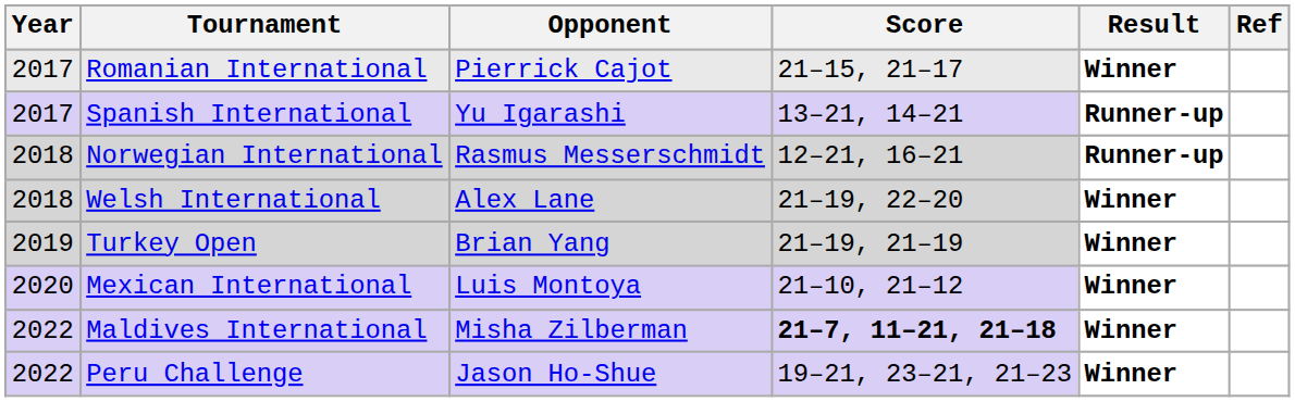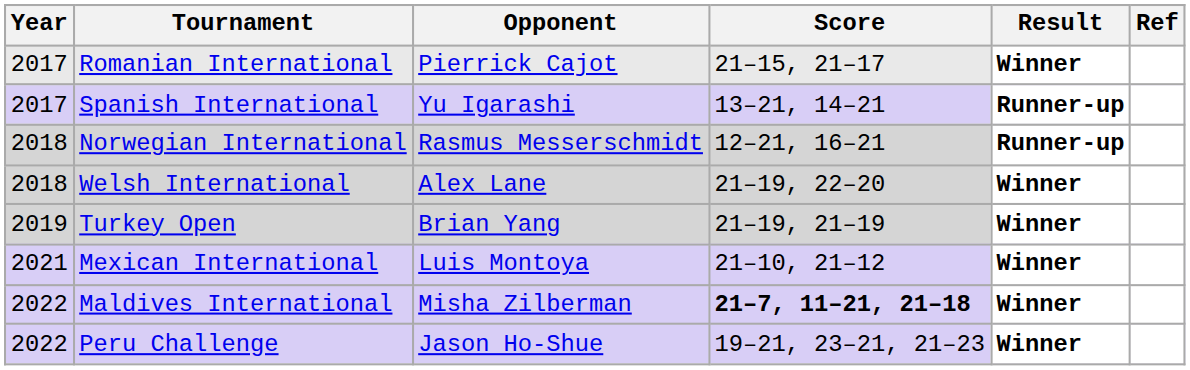 <table class="sortable wikitable" style="font-size: 90%;">
 <tr>
 <th>Year</th>
 <th>Tournament</th>
 <th>Opponent</th>
 <th>Score</th>
 <th>Result</th>
 <th>Ref</th>
 </tr>
 <tr style="background:#E9E9E9">
 <td align="center">2017</td>
 <td align="left"><a href='#'>Romanian International</a></td>
 <td align="left"> <a href='#'>Pierrick Cajot</a></td>
 <td align="left">21–15, 21–17</td>
 <td style="text-align:left; background:white"> <strong>Winner</strong></td>
 <td style="text-align:center; background:white"></td>
 </tr>
 <tr style="background:#D8CEF6">
 <td align="center">2017</td>
 <td align="left"><a href='#'>Spanish International</a></td>
 <td align="left"> <a href='#'>Yu Igarashi</a></td>
 <td align="left">13–21, 14–21</td>
 <td style="text-align:left; background:white"> <strong>Runner-up</strong></td>
 <td style="text-align:center; background:white"></td>
 </tr>
 <tr style="background:#D5D5D5">
 <td align="center">2018</td>
 <td align="left"><a href='#'>Norwegian International</a></td>
 <td align="left"> <a href='#'>Rasmus Messerschmidt</a></td>
 <td align="left">12–21, 16–21</td>
 <td style="text-align:left; background:white"> <strong>Runner-up</strong></td>
 <td style="text-align:center; background:white"></td>
 </tr>
 <tr style="background:#D5D5D5">
 <td align="center">2018</td>
 <td align="left"><a href='#'>Welsh International</a></td>
 <td align="left"> <a href='#'>Alex Lane</a></td>
 <td align="left">21–19, 22–20</td>
 <td style="text-align:left; background:white"> <strong>Winner</strong></td>
 <td style="text-align:center; background:white"></td>
 </tr>
 <tr style="background:#D5D5D5">
 <td align="center">2019</td>
 <td align="left"><a href='#'>Turkey Open</a></td>
 <td align="left"> <a href='#'>Brian Yang</a></td>
 <td align="left">21–19, 21–19</td>
 <td style="text-align:left; background:white"> <strong>Winner</strong></td>
 <td style="text-align:center; background:white"></td>
 </tr>
 <tr style="background:#D8CEF6">
-<td align="center">2020</td>
+<td align="center">2021</td>
 <td align="left"><a href='#'>Mexican International</a></td>
 <td align="left"> <a href='#'>Luis Montoya</a></td>
 <td align="left">21–10, 21–12</td>
 <td style="text-align:left; background:white"> <strong>Winner</strong></td>
 <td style="text-align:center; background:white"></td>
 </tr>
 <tr style="background:#D8CEF6">
 <td align="center">2022</td>
 <td align="left"><a href='#'>Maldives International</a></td>
 <td align="left"> <a href='#'>Misha Zilberman</a></td>
 <td align="left"><strong>21–7, 11–21, 21–18</strong></td>
 <td style="text-align:left; background:white"> <strong>Winner</strong></td>
 <td style="text-align:center; background:white"></td>
 </tr>
 <tr style="background:#D8CEF6">
 <td align="center">2022</td>
 <td align="left"><a href='#'>Peru Challenge</a></td>
 <td align="left"> <a href='#'>Jason Ho-Shue</a></td>
 <td align="left">19–21, 23–21, 21–23</td>
 <td style="text-align:left; background:white"> <strong>Winner</strong></td>
 <td style="text-align:center; background:white"></td>
 </tr>
 </table>
